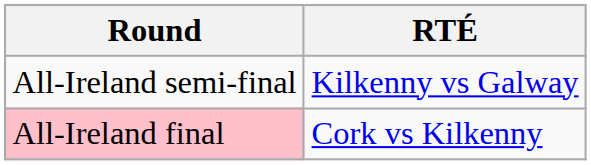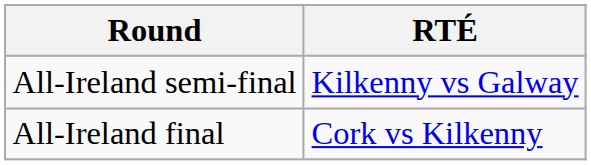 <table class="wikitable">
 <tr>
 <th>Round</th>
 <th>RTÉ</th>
 </tr>
 <tr>
 <td>All-Ireland semi-final</td>
 <td><a href='#'>Kilkenny vs Galway</a></td>
 </tr>
 <tr>
-<td style="background: pink;">All-Ireland final</td>
+<td>All-Ireland final</td>
 <td><a href='#'>Cork vs Kilkenny</a></td>
 </tr>
 </table>
